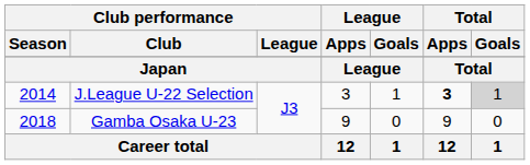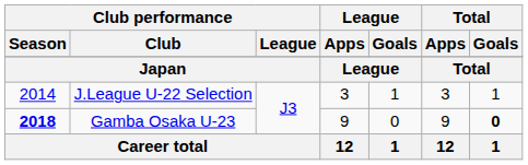 <table class="wikitable" style="text-align:center">
 <tr>
 <th colspan=3>Club performance</th>
 <th colspan=2>League</th>
 <th colspan=2>Total</th>
 </tr>
 <tr>
 <th>Season</th>
 <th>Club</th>
 <th>League</th>
 <th>Apps</th>
 <th>Goals</th>
 <th>Apps</th>
 <th>Goals</th>
 </tr>
 <tr>
 </tr>
 <tr>
 <th colspan=3>Japan</th>
 <th colspan=2>League</th>
 <th colspan=2>Total</th>
 </tr>
 <tr>
 <td><a href='#'>2014</a></td>
 <td><a href='#'>J.League U-22 Selection</a></td>
 <td rowspan="2"><a href='#'>J3</a></td>
 <td>3</td>
 <td>1</td>
-<td><strong>3</strong></td>
-<td style="background: lightgrey;">1</td>
+<td>3</td>
+<td>1</td>
 </tr>
 <tr>
-<td><a href='#'>2018</a></td>
+<td><strong><a href='#'>2018</a></strong></td>
 <td rowspan="1"><a href='#'>Gamba Osaka U-23</a></td>
 <td>9</td>
 <td>0</td>
 <td>9</td>
-<td>0</td>
+<td><strong>0</strong></td>
 </tr>
 <tr>
 <th colspan=3>Career total</th>
 <th>12</th>
 <th>1</th>
 <th>12</th>
 <th>1</th>
 </tr>
 </table>
